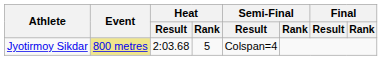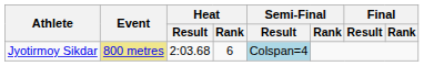 <table class="wikitable" style="font-size:90%">
 <tr>
 <th rowspan="2">Athlete</th>
 <th rowspan="2">Event</th>
 <th colspan="2">Heat</th>
 <th colspan="2">Semi-Final</th>
 <th colspan="2">Final</th>
 </tr>
 <tr style="font-size:95%">
 <th>Result</th>
 <th>Rank</th>
 <th>Result</th>
 <th>Rank</th>
 <th>Result</th>
 <th>Rank</th>
 </tr>
 <tr style="text-align:center">
 <td style="text-align:left"><a href='#'>Jyotirmoy Sikdar</a></td>
 <td style="background: khaki; text-align:left"><a href='#'>800 metres</a></td>
 <td>2:03.68</td>
-<td>5</td>
-<td>Colspan=4 </td>
+<td>6</td>
+<td style="background: lightblue;">Colspan=4 </td>
 </tr>
 </table>
